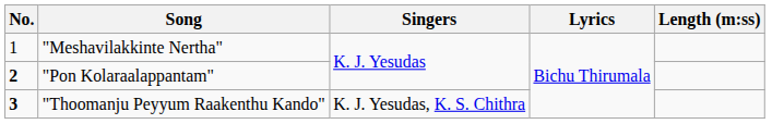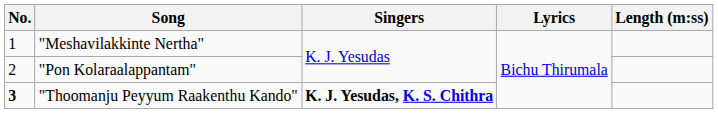 <table class="wikitable" style="font-size:95%;">
 <tr>
 <th>No.</th>
 <th>Song</th>
 <th>Singers</th>
 <th>Lyrics</th>
 <th>Length (m:ss)</th>
 </tr>
 <tr>
 <td>1</td>
 <td>"Meshavilakkinte Nertha"</td>
 <td rowspan="2"><a href='#'>K. J. Yesudas</a></td>
 <td rowspan="3"><a href='#'>Bichu Thirumala</a></td>
 <td></td>
 </tr>
 <tr>
-<td><strong>2</strong></td>
+<td>2</td>
 <td>"Pon Kolaraalappantam"</td>
 <td></td>
 </tr>
 <tr>
 <td><strong>3</strong></td>
 <td>"Thoomanju Peyyum Raakenthu Kando"</td>
-<td>K. J. Yesudas, <a href='#'>K. S. Chithra</a></td>
+<td><strong>K. J. Yesudas, <a href='#'>K. S. Chithra</a></strong></td>
 <td></td>
 </tr>
 </table>
